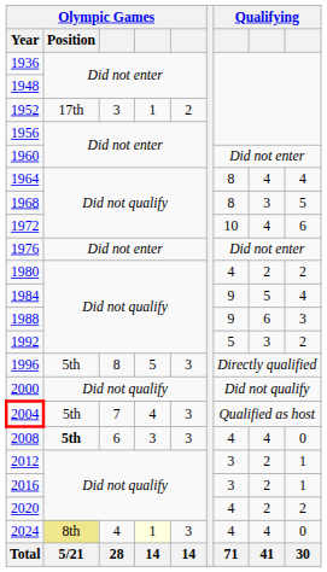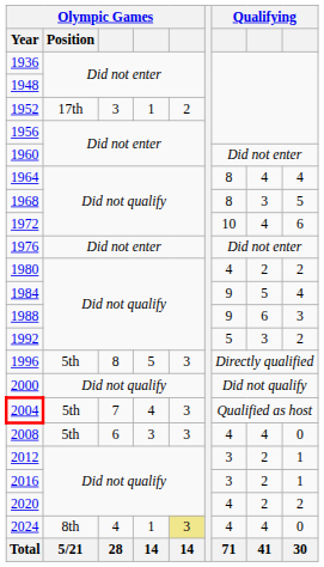 <table class="wikitable" style="text-align: center;font-size:90%;">
 <tr>
 <th colspan=5><a href='#'>Olympic Games</a></th>
 <th rowspan=24></th>
 <th colspan=3><a href='#'>Qualifying</a></th>
 </tr>
 <tr>
 <th>Year</th>
 <th>Position</th>
 <th width=30></th>
 <th width=30></th>
 <th width=30></th>
 <th width=30></th>
 <th width=30></th>
 <th width=30></th>
 </tr>
 <tr>
 <td> <a href='#'>1936</a></td>
 <td colspan=4 rowspan=2><em>Did not enter</em></td>
 </tr>
 <tr>
 <td> <a href='#'>1948</a></td>
 </tr>
 <tr>
 <td> <a href='#'>1952</a></td>
 <td>17th</td>
 <td>3</td>
 <td>1</td>
 <td>2</td>
 </tr>
 <tr>
 <td> <a href='#'>1956</a></td>
 <td colspan=4 rowspan=2><em>Did not enter</em></td>
 </tr>
 <tr>
 <td> <a href='#'>1960</a></td>
 <td colspan=3><em>Did not enter</em></td>
 </tr>
 <tr>
 <td> <a href='#'>1964</a></td>
 <td colspan=4 rowspan=3><em>Did not qualify</em></td>
 <td>8</td>
 <td>4</td>
 <td>4</td>
 </tr>
 <tr>
 <td> <a href='#'>1968</a></td>
 <td>8</td>
 <td>3</td>
 <td>5</td>
 </tr>
 <tr>
 <td> <a href='#'>1972</a></td>
 <td>10</td>
 <td>4</td>
 <td>6</td>
 </tr>
 <tr>
 <td> <a href='#'>1976</a></td>
 <td colspan=4><em>Did not enter</em></td>
 <td colspan=3><em>Did not enter</em></td>
 </tr>
 <tr>
 <td> <a href='#'>1980</a></td>
 <td colspan=4 rowspan=4><em>Did not qualify</em></td>
 <td>4</td>
 <td>2</td>
 <td>2</td>
 </tr>
 <tr>
 <td> <a href='#'>1984</a></td>
 <td>9</td>
 <td>5</td>
 <td>4</td>
 </tr>
 <tr>
 <td> <a href='#'>1988</a></td>
 <td>9</td>
 <td>6</td>
 <td>3</td>
 </tr>
 <tr>
 <td> <a href='#'>1992</a></td>
 <td>5</td>
 <td>3</td>
 <td>2</td>
 </tr>
 <tr>
 <td> <a href='#'>1996</a></td>
 <td>5th</td>
 <td>8</td>
 <td>5</td>
 <td>3</td>
 <td colspan=3><em>Directly qualified</em></td>
 </tr>
 <tr>
 <td> <a href='#'>2000</a></td>
 <td colspan=4><em>Did not qualify</em></td>
 <td colspan=3><em>Did not qualify</em></td>
 </tr>
 <tr>
 <td style="border: 3px solid red"> <a href='#'>2004</a></td>
 <td>5th</td>
 <td>7</td>
 <td>4</td>
 <td>3</td>
 <td colspan=3><em>Qualified as host</em></td>
 </tr>
 <tr>
 <td> <a href='#'>2008</a></td>
-<td><strong>5th</strong></td>
+<td>5th</td>
 <td>6</td>
 <td>3</td>
 <td>3</td>
 <td>4</td>
 <td>4</td>
 <td>0</td>
 </tr>
 <tr>
 <td> <a href='#'>2012</a></td>
 <td colspan=4 rowspan=3><em>Did not qualify</em></td>
 <td>3</td>
 <td>2</td>
 <td>1</td>
 </tr>
 <tr>
 <td> <a href='#'>2016</a></td>
 <td>3</td>
 <td>2</td>
 <td>1</td>
 </tr>
 <tr>
 <td> <a href='#'>2020</a></td>
 <td>4</td>
 <td>2</td>
 <td>2</td>
 </tr>
 <tr>
 <td> <a href='#'>2024</a></td>
-<td style="background: khaki;">8th</td>
+<td>8th</td>
 <td>4</td>
-<td style="background: lightyellow;">1</td>
-<td>3</td>
+<td>1</td>
+<td style="background: khaki;">3</td>
 <td>4</td>
 <td>4</td>
 <td>0</td>
 </tr>
 <tr>
 <th>Total</th>
 <th>5/21</th>
 <th>28</th>
 <th>14</th>
 <th>14</th>
 <th>71</th>
 <th>41</th>
 <th>30</th>
 </tr>
 </table>
